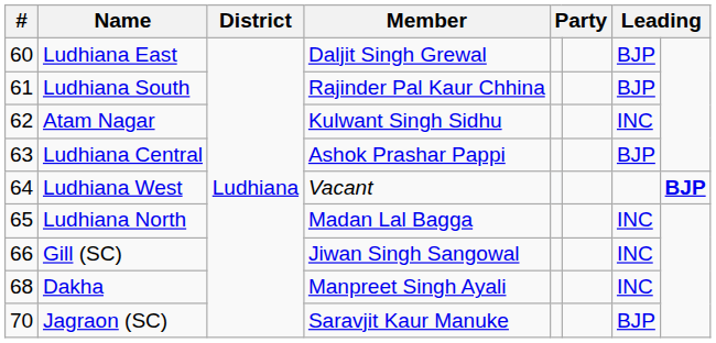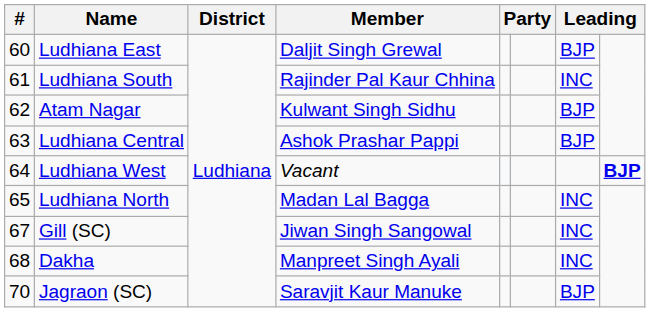 <table class="wikitable">
 <tr>
 <th>#</th>
 <th>Name</th>
 <th>District</th>
 <th>Member</th>
 <th colspan="2">Party</th>
 <th colspan="2">Leading<br></th>
 </tr>
 <tr>
 <td>60</td>
 <td><a href='#'>Ludhiana East</a></td>
 <td rowspan="9"><a href='#'>Ludhiana</a></td>
 <td><a href='#'>Daljit Singh Grewal</a></td>
 <td></td>
 <td style="background-color:"></td>
 <td><a href='#'>BJP</a></td>
 </tr>
 <tr>
 <td>61</td>
 <td><a href='#'>Ludhiana South</a></td>
 <td><a href='#'>Rajinder Pal Kaur Chhina</a></td>
 <td></td>
 <td style="background-color:"></td>
-<td><a href='#'>BJP</a></td>
+<td><a href='#'>INC</a></td>
 </tr>
 <tr>
 <td>62</td>
 <td><a href='#'>Atam Nagar</a></td>
 <td><a href='#'>Kulwant Singh Sidhu</a></td>
 <td></td>
 <td style="background-color:"></td>
-<td><a href='#'>INC</a></td>
+<td><a href='#'>BJP</a></td>
 </tr>
 <tr>
 <td>63</td>
 <td><a href='#'>Ludhiana Central</a></td>
 <td><a href='#'>Ashok Prashar Pappi</a></td>
 <td></td>
 <td style="background-color:"></td>
 <td><a href='#'>BJP</a></td>
 </tr>
 <tr>
 <td>64</td>
 <td><a href='#'>Ludhiana West</a></td>
 <td><em>Vacant</em></td>
 <td style="width: 2px; color:inherit; background-color: #F8F9FA;"></td>
 <td scope="row" style="text-align: left;"></td>
 <td style="background-color:"></td>
 <td><strong><a href='#'>BJP</a></strong></td>
 </tr>
 <tr>
 <td>65</td>
 <td><a href='#'>Ludhiana North</a></td>
 <td><a href='#'>Madan Lal Bagga</a></td>
 <td></td>
 <td style="background-color:"></td>
 <td><a href='#'>INC</a></td>
 </tr>
 <tr>
-<td>66</td>
+<td>67</td>
 <td><a href='#'>Gill</a> (SC)</td>
 <td><a href='#'>Jiwan Singh Sangowal</a></td>
 <td></td>
 <td style="background-color:"></td>
 <td><a href='#'>INC</a></td>
 </tr>
 <tr>
 <td>68</td>
 <td><a href='#'>Dakha</a></td>
 <td><a href='#'>Manpreet Singh Ayali</a></td>
 <td></td>
 <td style="background-color:"></td>
 <td><a href='#'>INC</a></td>
 </tr>
 <tr>
 <td>70</td>
 <td><a href='#'>Jagraon</a> (SC)</td>
 <td><a href='#'>Saravjit Kaur Manuke</a></td>
 <td></td>
 <td style="background-color:"></td>
 <td><a href='#'>BJP</a></td>
 </tr>
 </table>
